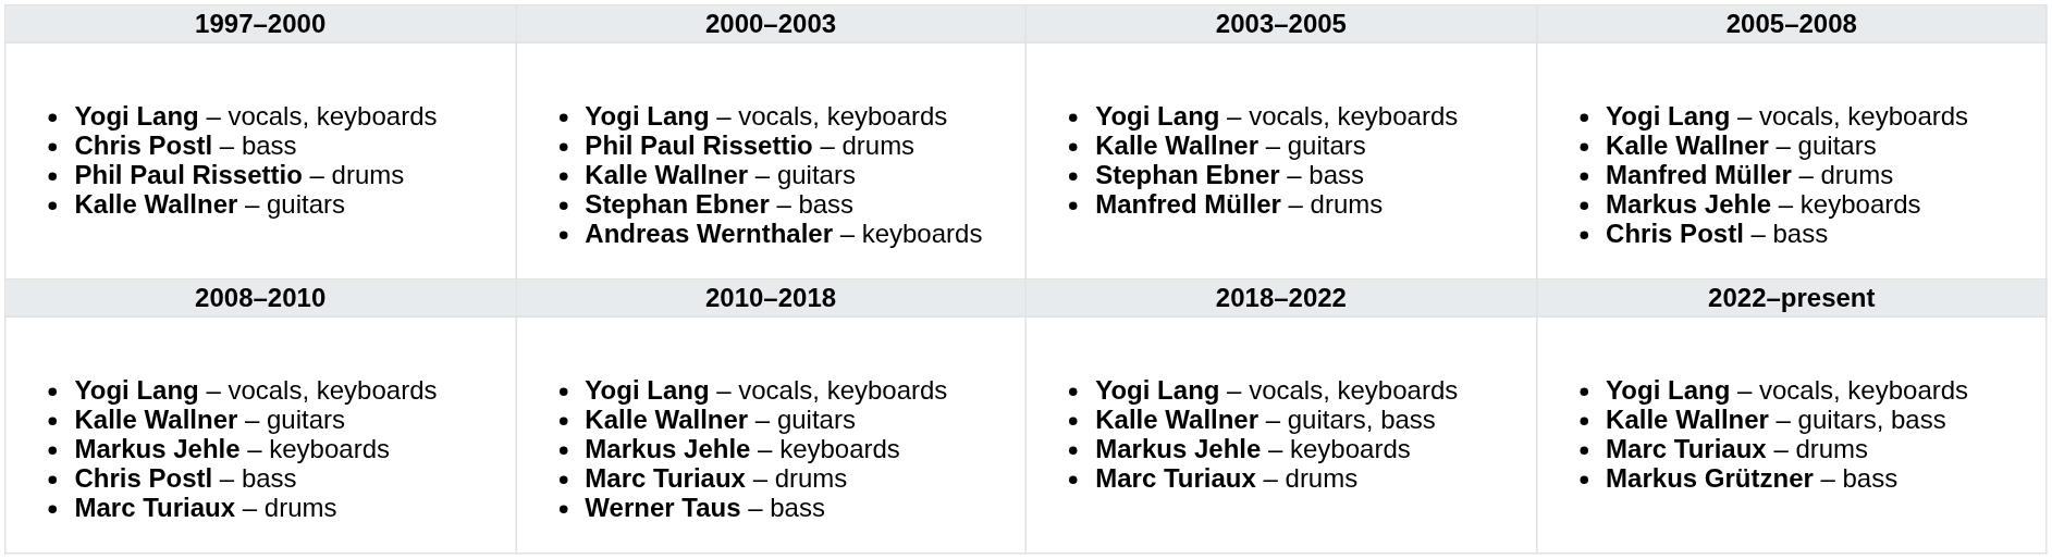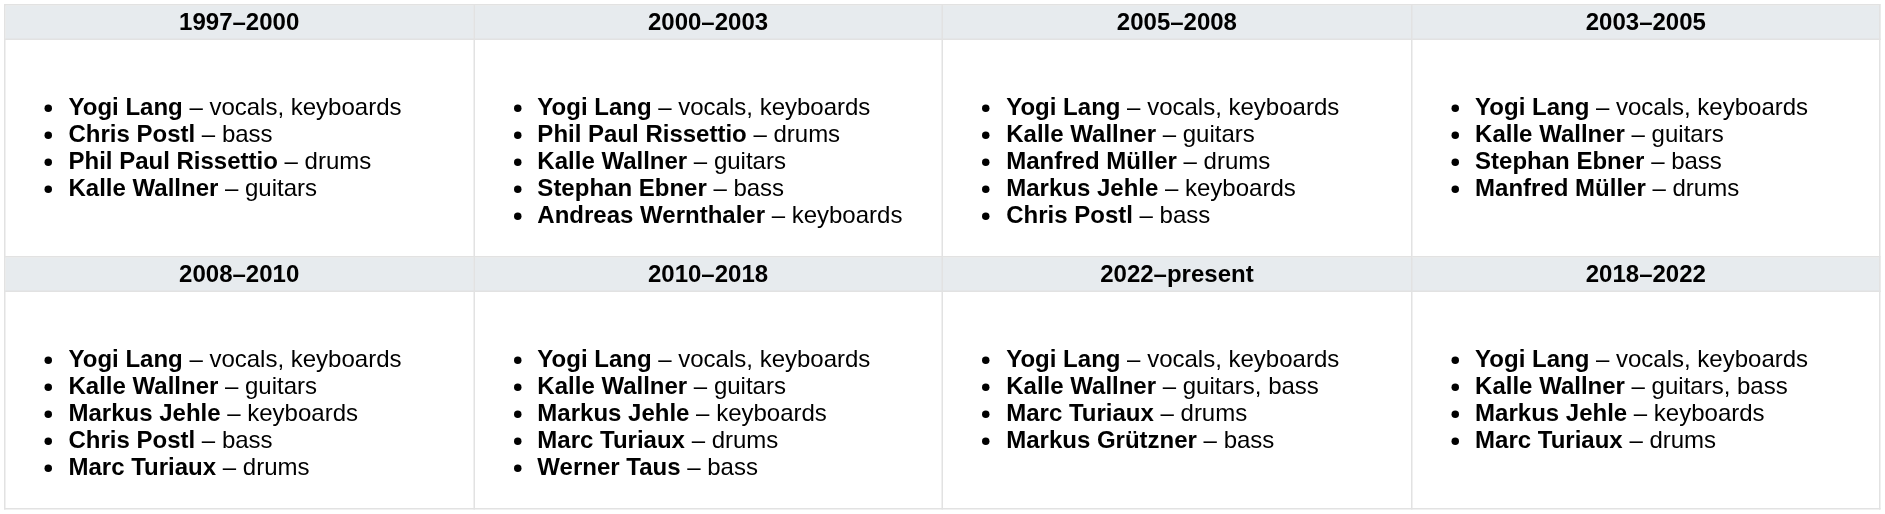 <table class="toccolours" border=1 cellpadding=2 cellspacing=0 style="float: width: 375px; margin: 0 0 1em 1em; border-collapse: collapse; border: 1px solid #E2E2E2;" width=99%>
 <tr>
 <th bgcolor="#E7EBEE" valign=top width=25%>1997–2000</th>
 <th bgcolor="#E7EBEE" valign=top width=25%>2000–2003</th>
+<th bgcolor="#E7EBEE" valign=top width=25%>2005–2008</th>
 <th bgcolor="#E7EBEE" valign=top width=25%>2003–2005</th>
-<th bgcolor="#E7EBEE" valign=top width=25%>2005–2008</th>
 </tr>
 <tr>
 <td valign=top><br><ul><li><strong>Yogi Lang</strong> – vocals, keyboards</li><li><strong>Chris Postl</strong> – bass</li><li><strong>Phil Paul Rissettio</strong> – drums</li><li><strong>Kalle Wallner</strong> – guitars</li></ul></td>
 <td valign=top><br><ul><li><strong>Yogi Lang</strong> – vocals, keyboards</li><li><strong>Phil Paul Rissettio</strong> – drums</li><li><strong>Kalle Wallner</strong> – guitars</li><li><strong>Stephan Ebner</strong> – bass</li><li><strong>Andreas Wernthaler</strong> – keyboards</li></ul></td>
+<td valign=top><br><ul><li><strong>Yogi Lang</strong> – vocals, keyboards</li><li><strong>Kalle Wallner</strong> – guitars</li><li><strong>Manfred Müller</strong> – drums</li><li><strong>Markus Jehle</strong> – keyboards</li><li><strong>Chris Postl</strong> – bass</li></ul></td>
 <td valign=top><br><ul><li><strong>Yogi Lang</strong> – vocals, keyboards</li><li><strong>Kalle Wallner</strong> – guitars</li><li><strong>Stephan Ebner</strong> – bass</li><li><strong>Manfred Müller</strong> – drums</li></ul></td>
-<td valign=top><br><ul><li><strong>Yogi Lang</strong> – vocals, keyboards</li><li><strong>Kalle Wallner</strong> – guitars</li><li><strong>Manfred Müller</strong> – drums</li><li><strong>Markus Jehle</strong> – keyboards</li><li><strong>Chris Postl</strong> – bass</li></ul></td>
 </tr>
 <tr>
 <th bgcolor="#E7EBEE" valign=top width=25%>2008–2010</th>
 <th bgcolor="#E7EBEE" valign=top width=25%>2010–2018</th>
+<th bgcolor="#E7EBEE" valign=top width=25%>2022–present</th>
 <th bgcolor="#E7EBEE" valign=top width=25%>2018–2022</th>
-<th bgcolor="#E7EBEE" valign=top width=25%>2022–present</th>
 </tr>
 <tr>
 <td valign=top><br><ul><li><strong>Yogi Lang</strong> – vocals, keyboards</li><li><strong>Kalle Wallner</strong> – guitars</li><li><strong>Markus Jehle</strong> – keyboards</li><li><strong>Chris Postl</strong> – bass</li><li><strong>Marc Turiaux</strong> – drums</li></ul></td>
 <td valign=top><br><ul><li><strong>Yogi Lang</strong> – vocals, keyboards</li><li><strong>Kalle Wallner</strong> – guitars</li><li><strong>Markus Jehle</strong> – keyboards</li><li><strong>Marc Turiaux</strong> – drums</li><li><strong>Werner Taus</strong> – bass</li></ul></td>
+<td valign=top><br><ul><li><strong>Yogi Lang</strong> – vocals, keyboards</li><li><strong>Kalle Wallner</strong> – guitars, bass</li><li><strong>Marc Turiaux</strong> – drums</li><li><strong>Markus Grützner</strong> – bass</li></ul></td>
 <td valign=top><br><ul><li><strong>Yogi Lang</strong> – vocals, keyboards</li><li><strong>Kalle Wallner</strong> – guitars, bass</li><li><strong>Markus Jehle</strong> – keyboards</li><li><strong>Marc Turiaux</strong> – drums</li></ul></td>
-<td valign=top><br><ul><li><strong>Yogi Lang</strong> – vocals, keyboards</li><li><strong>Kalle Wallner</strong> – guitars, bass</li><li><strong>Marc Turiaux</strong> – drums</li><li><strong>Markus Grützner</strong> – bass</li></ul></td>
 </tr>
 </table>
